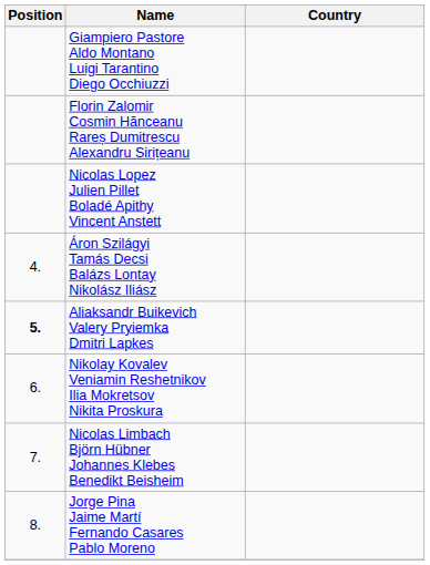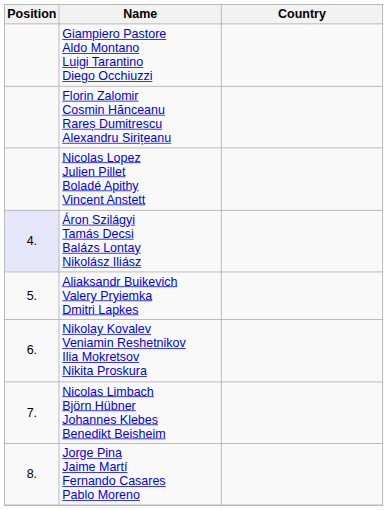 <table class="wikitable">
 <tr>
 <th width="20">Position</th>
 <th width="200">Name</th>
 <th width="200">Country</th>
 </tr>
 <tr>
 <td align="center"></td>
 <td><a href='#'>Giampiero Pastore</a><br><a href='#'>Aldo Montano</a><br><a href='#'>Luigi Tarantino</a><br><a href='#'>Diego Occhiuzzi</a></td>
 <td></td>
 </tr>
 <tr>
 <td align="center"></td>
 <td><a href='#'>Florin Zalomir</a><br><a href='#'>Cosmin Hănceanu</a><br><a href='#'>Rareș Dumitrescu</a><br><a href='#'>Alexandru Sirițeanu</a></td>
 <td></td>
 </tr>
 <tr>
 <td align="center"></td>
 <td><a href='#'>Nicolas Lopez</a><br><a href='#'>Julien Pillet</a><br><a href='#'>Boladé Apithy</a><br><a href='#'>Vincent Anstett</a></td>
 <td></td>
 </tr>
 <tr>
-<td align="center">4.</td>
+<td align="center" style="background: lavender;">4.</td>
 <td><a href='#'>Áron Szilágyi</a><br><a href='#'>Tamás Decsi</a><br><a href='#'>Balázs Lontay</a><br><a href='#'>Nikolász Iliász</a></td>
 <td></td>
 </tr>
 <tr>
-<td align="center"><strong>5.</strong></td>
+<td align="center">5.</td>
 <td><a href='#'>Aliaksandr Buikevich</a><br><a href='#'>Valery Pryiemka</a><br><a href='#'>Dmitri Lapkes</a></td>
 <td></td>
 </tr>
 <tr>
 <td align="center">6.</td>
 <td><a href='#'>Nikolay Kovalev</a><br><a href='#'>Veniamin Reshetnikov</a><br><a href='#'>Ilia Mokretsov</a><br><a href='#'>Nikita Proskura</a></td>
 <td></td>
 </tr>
 <tr>
 <td align="center">7.</td>
 <td><a href='#'>Nicolas Limbach</a><br><a href='#'>Björn Hübner</a><br><a href='#'>Johannes Klebes</a><br><a href='#'>Benedikt Beisheim</a></td>
 <td></td>
 </tr>
 <tr>
 <td align="center">8.</td>
 <td><a href='#'>Jorge Pina</a><br><a href='#'>Jaime Martí</a><br><a href='#'>Fernando Casares</a><br><a href='#'>Pablo Moreno</a></td>
 <td></td>
 </tr>
 <tr>
 </tr>
 </table>
